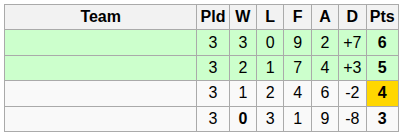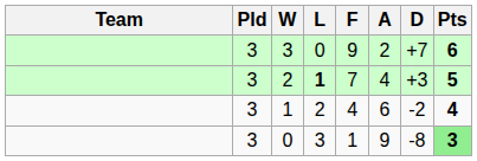 <table class=wikitable style="text-align:center">
 <tr>
 <th width=185>Team</th>
 <th width=20>Pld</th>
 <th width=20>W</th>
 <th width=20>L</th>
 <th width=20>F</th>
 <th width=20>A</th>
 <th width=20>D</th>
 <th width=20>Pts</th>
 </tr>
 <tr>
 </tr>
 <tr style="background: #ccffcc;">
 <td align="left"></td>
 <td>3</td>
 <td>3</td>
 <td>0</td>
 <td>9</td>
 <td>2</td>
 <td>+7</td>
 <td><strong>6</strong></td>
 </tr>
 <tr>
 </tr>
 <tr style="background: #ccffcc;">
 <td align="left"></td>
 <td>3</td>
 <td>2</td>
-<td>1</td>
+<td><strong>1</strong></td>
 <td>7</td>
 <td>4</td>
 <td>+3</td>
 <td><strong>5</strong></td>
 </tr>
 <tr>
 <td align="left"></td>
 <td>3</td>
 <td>1</td>
 <td>2</td>
 <td>4</td>
 <td>6</td>
 <td>-2</td>
-<td style="background: gold;"><strong>4</strong></td>
+<td><strong>4</strong></td>
 </tr>
 <tr>
 <td align="left"></td>
 <td>3</td>
-<td><strong>0</strong></td>
+<td>0</td>
 <td>3</td>
 <td>1</td>
 <td>9</td>
 <td>-8</td>
-<td><strong>3</strong></td>
+<td style="background: lightgreen;"><strong>3</strong></td>
 </tr>
 </table>
